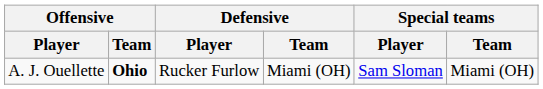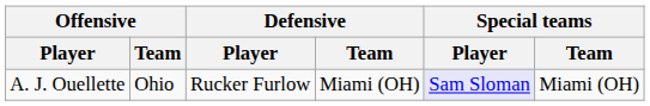 <table class="wikitable" style="display: inline-table;">
 <tr>
 <th colspan="2">Offensive</th>
 <th colspan="2">Defensive</th>
 <th colspan="2">Special teams</th>
 </tr>
 <tr>
 <th>Player</th>
 <th>Team</th>
 <th>Player</th>
 <th>Team</th>
 <th>Player</th>
 <th>Team</th>
 </tr>
 <tr>
 <td>A. J. Ouellette</td>
-<td><strong>Ohio</strong></td>
+<td>Ohio</td>
 <td>Rucker Furlow</td>
 <td>Miami (OH)</td>
-<td><a href='#'>Sam Sloman</a></td>
+<td style="background: lavender;"><a href='#'>Sam Sloman</a></td>
 <td>Miami (OH)</td>
 </tr>
 </table>
